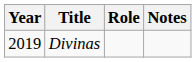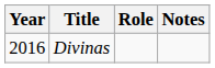 <table class="wikitable">
 <tr style="background:#b0c4de;">
 <th>Year</th>
 <th>Title</th>
 <th>Role</th>
 <th>Notes</th>
 </tr>
 <tr>
-<td>2019</td>
+<td>2016</td>
 <td><em>Divinas</em></td>
 <td></td>
 <td></td>
 </tr>
 </table>
